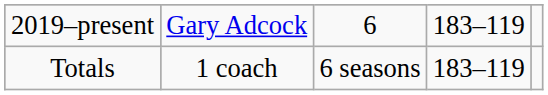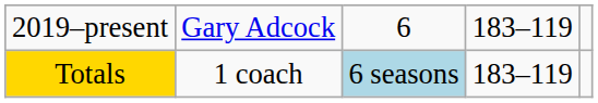 <table class="wikitable" style="text-align:center">
 <tr>
 <td>2019–present</td>
 <td><a href='#'>Gary Adcock</a></td>
 <td>6</td>
 <td>183–119</td>
 <td></td>
 </tr>
 <tr class="sortbottom">
-<td>Totals</td>
+<td style="background: gold;">Totals</td>
 <td>1 coach</td>
-<td>6 seasons</td>
+<td style="background: lightblue;">6 seasons</td>
 <td>183–119</td>
 <td></td>
 </tr>
 </table>
